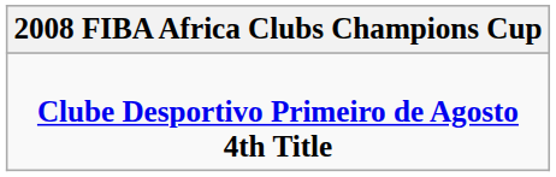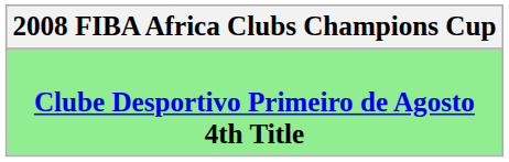 <table class=wikitable style="text-align:center; margin:auto">
 <tr>
 <th>2008 FIBA Africa Clubs Champions Cup</th>
 </tr>
 <tr>
-<td><br><strong><a href='#'>Clube Desportivo Primeiro de Agosto</a></strong><br><strong>4th Title</strong></td>
+<td style="background: lightgreen;"><br><strong><a href='#'>Clube Desportivo Primeiro de Agosto</a></strong><br><strong>4th Title</strong></td>
 </tr>
 </table>
